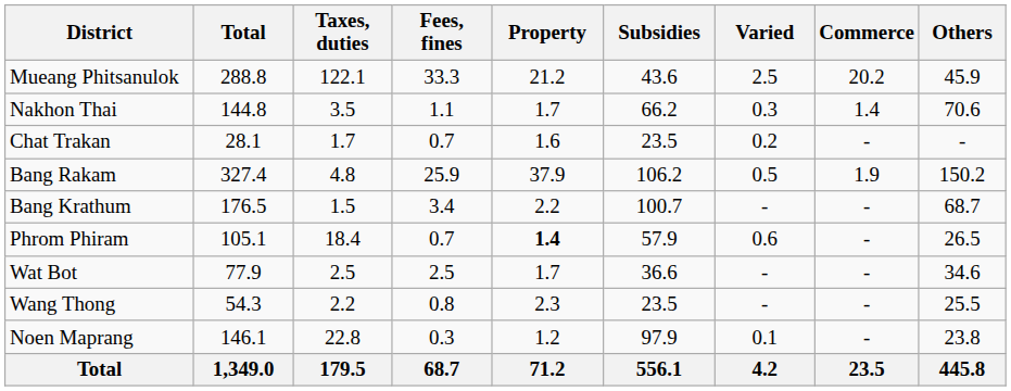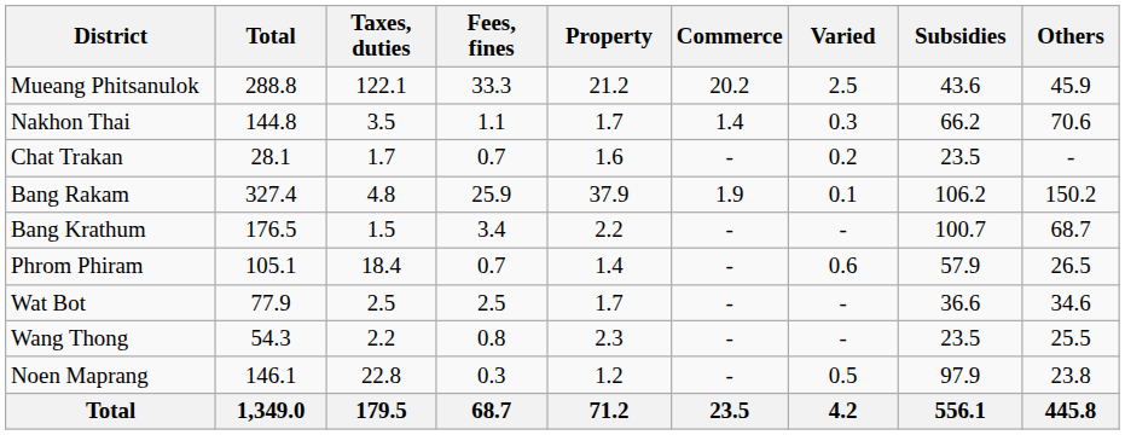 <table class="wikitable sortable">
 <tr>
 <th style="width:140px;">District</th>
 <th style="width:70px;">Total</th>
 <th style="width:70px;">Taxes, duties</th>
 <th style="width:70px;">Fees, fines</th>
 <th style="width:80px;">Property</th>
+<th style="widht:80px;">Commerce</th>
+<th style="width:70px;">Varied</th>
 <th style="width:80px;">Subsidies</th>
-<th style="width:70px;">Varied</th>
-<th style="widht:80px;">Commerce</th>
 <th style="width:60px;">Others</th>
 </tr>
 <tr>
 <td>Mueang Phitsanulok</td>
 <td style="text-align:center;">288.8</td>
 <td style="text-align:center;">122.1</td>
 <td style="text-align:center;">33.3</td>
 <td style="text-align:center;">21.2</td>
+<td style="text-align:center;">20.2</td>
+<td style="text-align:center;">2.5</td>
 <td style="text-align:center;">43.6</td>
-<td style="text-align:center;">2.5</td>
-<td style="text-align:center;">20.2</td>
 <td style="text-align:center;">45.9</td>
 </tr>
 <tr>
 <td>Nakhon Thai</td>
 <td style="text-align:center;">144.8</td>
 <td style="text-align:center;">3.5</td>
 <td style="text-align:center;">1.1</td>
 <td style="text-align:center;">1.7</td>
+<td style="text-align:center;">1.4</td>
+<td style="text-align:center;">0.3</td>
 <td style="text-align:center;">66.2</td>
-<td style="text-align:center;">0.3</td>
-<td style="text-align:center;">1.4</td>
 <td style="text-align:center;">70.6</td>
 </tr>
 <tr>
 <td>Chat Trakan</td>
 <td style="text-align:center;">28.1</td>
 <td style="text-align:center;">1.7</td>
 <td style="text-align:center;">0.7</td>
 <td style="text-align:center;">1.6</td>
+<td style="text-align:center;">-</td>
+<td style="text-align:center;">0.2</td>
 <td style="text-align:center;">23.5</td>
-<td style="text-align:center;">0.2</td>
-<td style="text-align:center;">-</td>
 <td style="text-align:center;">-</td>
 </tr>
 <tr>
 <td>Bang Rakam</td>
 <td style="text-align:center;">327.4</td>
 <td style="text-align:center;">4.8</td>
 <td style="text-align:center;">25.9</td>
 <td style="text-align:center;">37.9</td>
+<td style="text-align:center;">1.9</td>
+<td style="text-align:center;">0.1</td>
 <td style="text-align:center;">106.2</td>
-<td style="text-align:center;">0.5</td>
-<td style="text-align:center;">1.9</td>
 <td style="text-align:center;">150.2</td>
 </tr>
 <tr>
 <td>Bang Krathum</td>
 <td style="text-align:center;">176.5</td>
 <td style="text-align:center;">1.5</td>
 <td style="text-align:center;">3.4</td>
 <td style="text-align:center;">2.2</td>
-<td style="text-align:center;">100.7</td>
 <td style="text-align:center;">-</td>
 <td style="text-align:center;">-</td>
+<td style="text-align:center;">100.7</td>
 <td style="text-align:center;">68.7</td>
 </tr>
 <tr>
 <td>Phrom Phiram</td>
 <td style="text-align:center;">105.1</td>
 <td style="text-align:center;">18.4</td>
 <td style="text-align:center;">0.7</td>
-<td style="text-align:center;"><strong>1.4</strong></td>
+<td style="text-align:center;">1.4</td>
+<td style="text-align:center;">-</td>
+<td style="text-align:center;">0.6</td>
 <td style="text-align:center;">57.9</td>
-<td style="text-align:center;">0.6</td>
-<td style="text-align:center;">-</td>
 <td style="text-align:center;">26.5</td>
 </tr>
 <tr>
 <td>Wat Bot</td>
 <td style="text-align:center;">77.9</td>
 <td style="text-align:center;">2.5</td>
 <td style="text-align:center;">2.5</td>
 <td style="text-align:center;">1.7</td>
-<td style="text-align:center;">36.6</td>
 <td style="text-align:center;">-</td>
 <td style="text-align:center;">-</td>
+<td style="text-align:center;">36.6</td>
 <td style="text-align:center;">34.6</td>
 </tr>
 <tr>
 <td>Wang Thong</td>
 <td style="text-align:center;">54.3</td>
 <td style="text-align:center;">2.2</td>
 <td style="text-align:center;">0.8</td>
 <td style="text-align:center;">2.3</td>
-<td style="text-align:center;">23.5</td>
 <td style="text-align:center;">-</td>
 <td style="text-align:center;">-</td>
+<td style="text-align:center;">23.5</td>
 <td style="text-align:center;">25.5</td>
 </tr>
 <tr>
 <td>Noen Maprang</td>
 <td style="text-align:center;">146.1</td>
 <td style="text-align:center;">22.8</td>
 <td style="text-align:center;">0.3</td>
 <td style="text-align:center;">1.2</td>
+<td style="text-align:center;">-</td>
+<td style="text-align:center;">0.5</td>
 <td style="text-align:center;">97.9</td>
-<td style="text-align:center;">0.1</td>
-<td style="text-align:center;">-</td>
 <td style="text-align:center;">23.8</td>
 </tr>
 <tr>
 <th>Total</th>
 <th>1,349.0</th>
 <th>179.5</th>
 <th>68.7</th>
 <th>71.2</th>
+<th>23.5</th>
+<th>4.2</th>
 <th>556.1</th>
-<th>4.2</th>
-<th>23.5</th>
 <th>445.8</th>
 </tr>
 </table>
